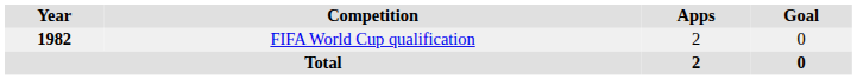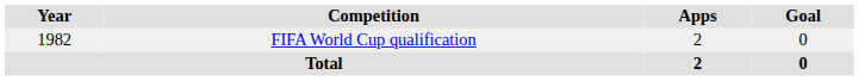 <table border="0" cellpadding="2" cellspacing="0" style="width:50%;">
 <tr style="text-align:center; background:#e0e0e0;">
 <th>Year</th>
 <th>Competition</th>
 <th>Apps</th>
 <th>Goal</th>
 </tr>
 <tr style="text-align:center; background:#f0f0f0;">
-<td><strong>1982</strong></td>
+<td>1982</td>
 <td><a href='#'>FIFA World Cup qualification</a></td>
 <td>2</td>
 <td>0</td>
 </tr>
 <tr style="text-align:center; background:#e0e0e0;">
 <th colspan="2">Total</th>
 <th style="text-align:center;">2</th>
 <th style="text-align:center;">0</th>
 </tr>
 </table>
